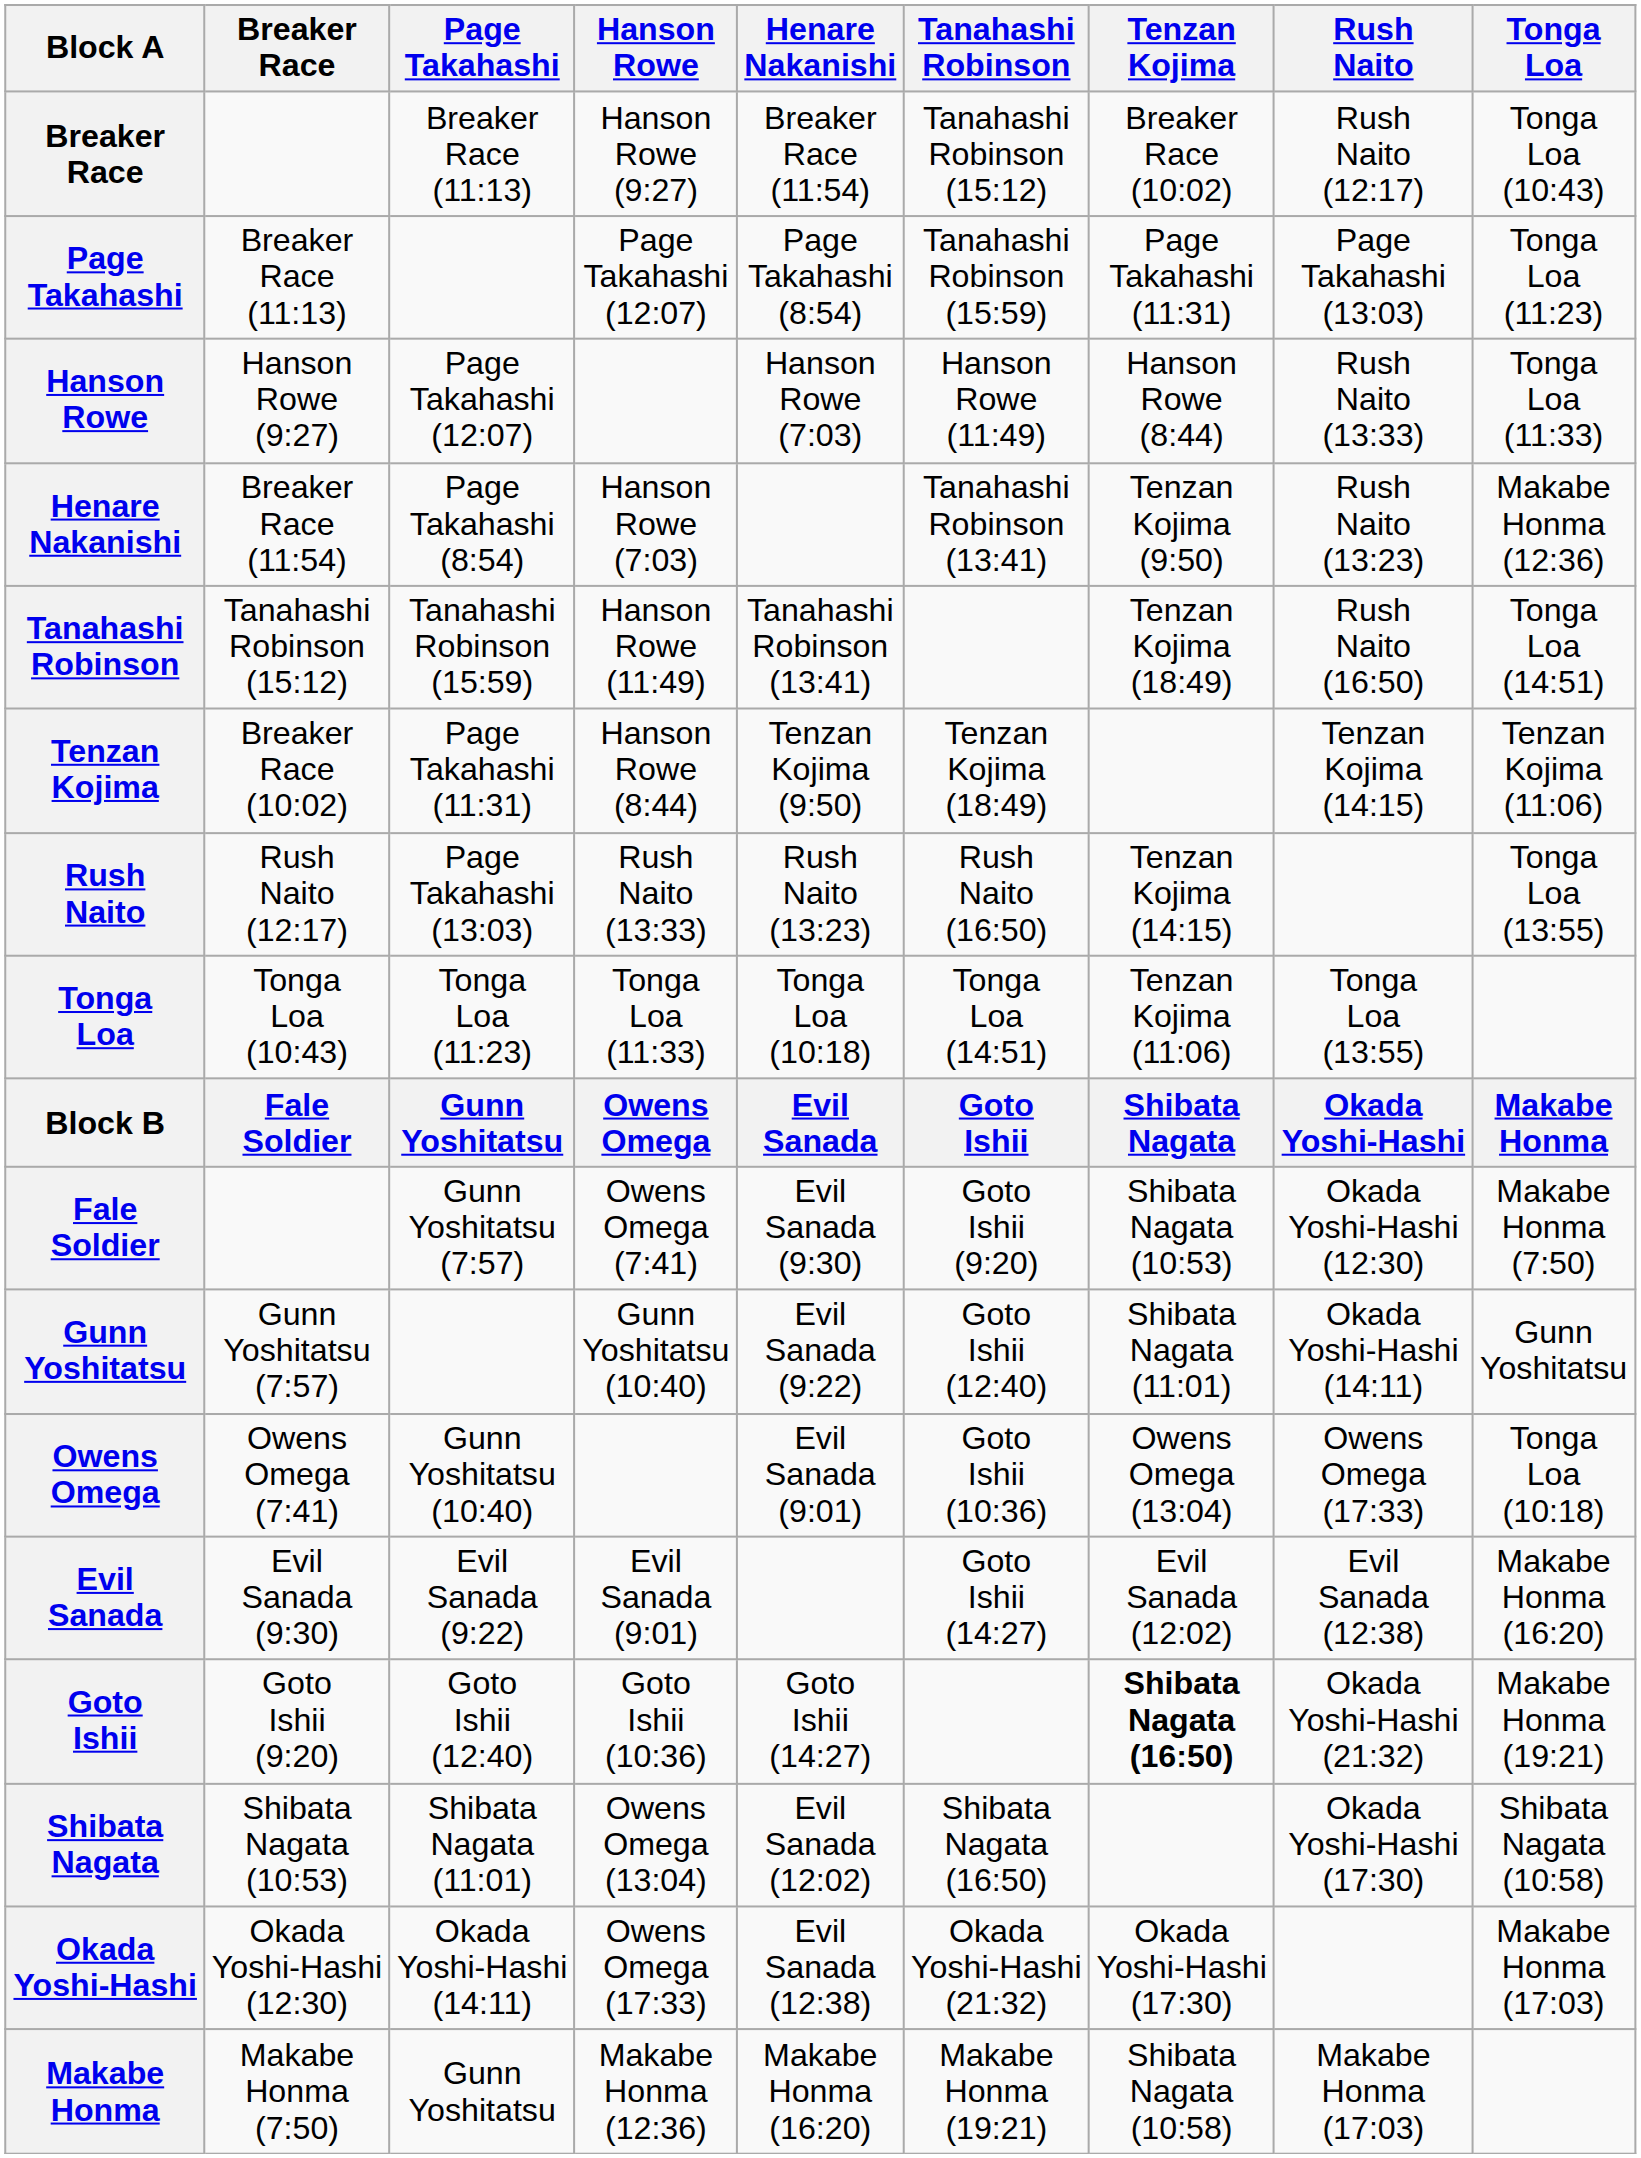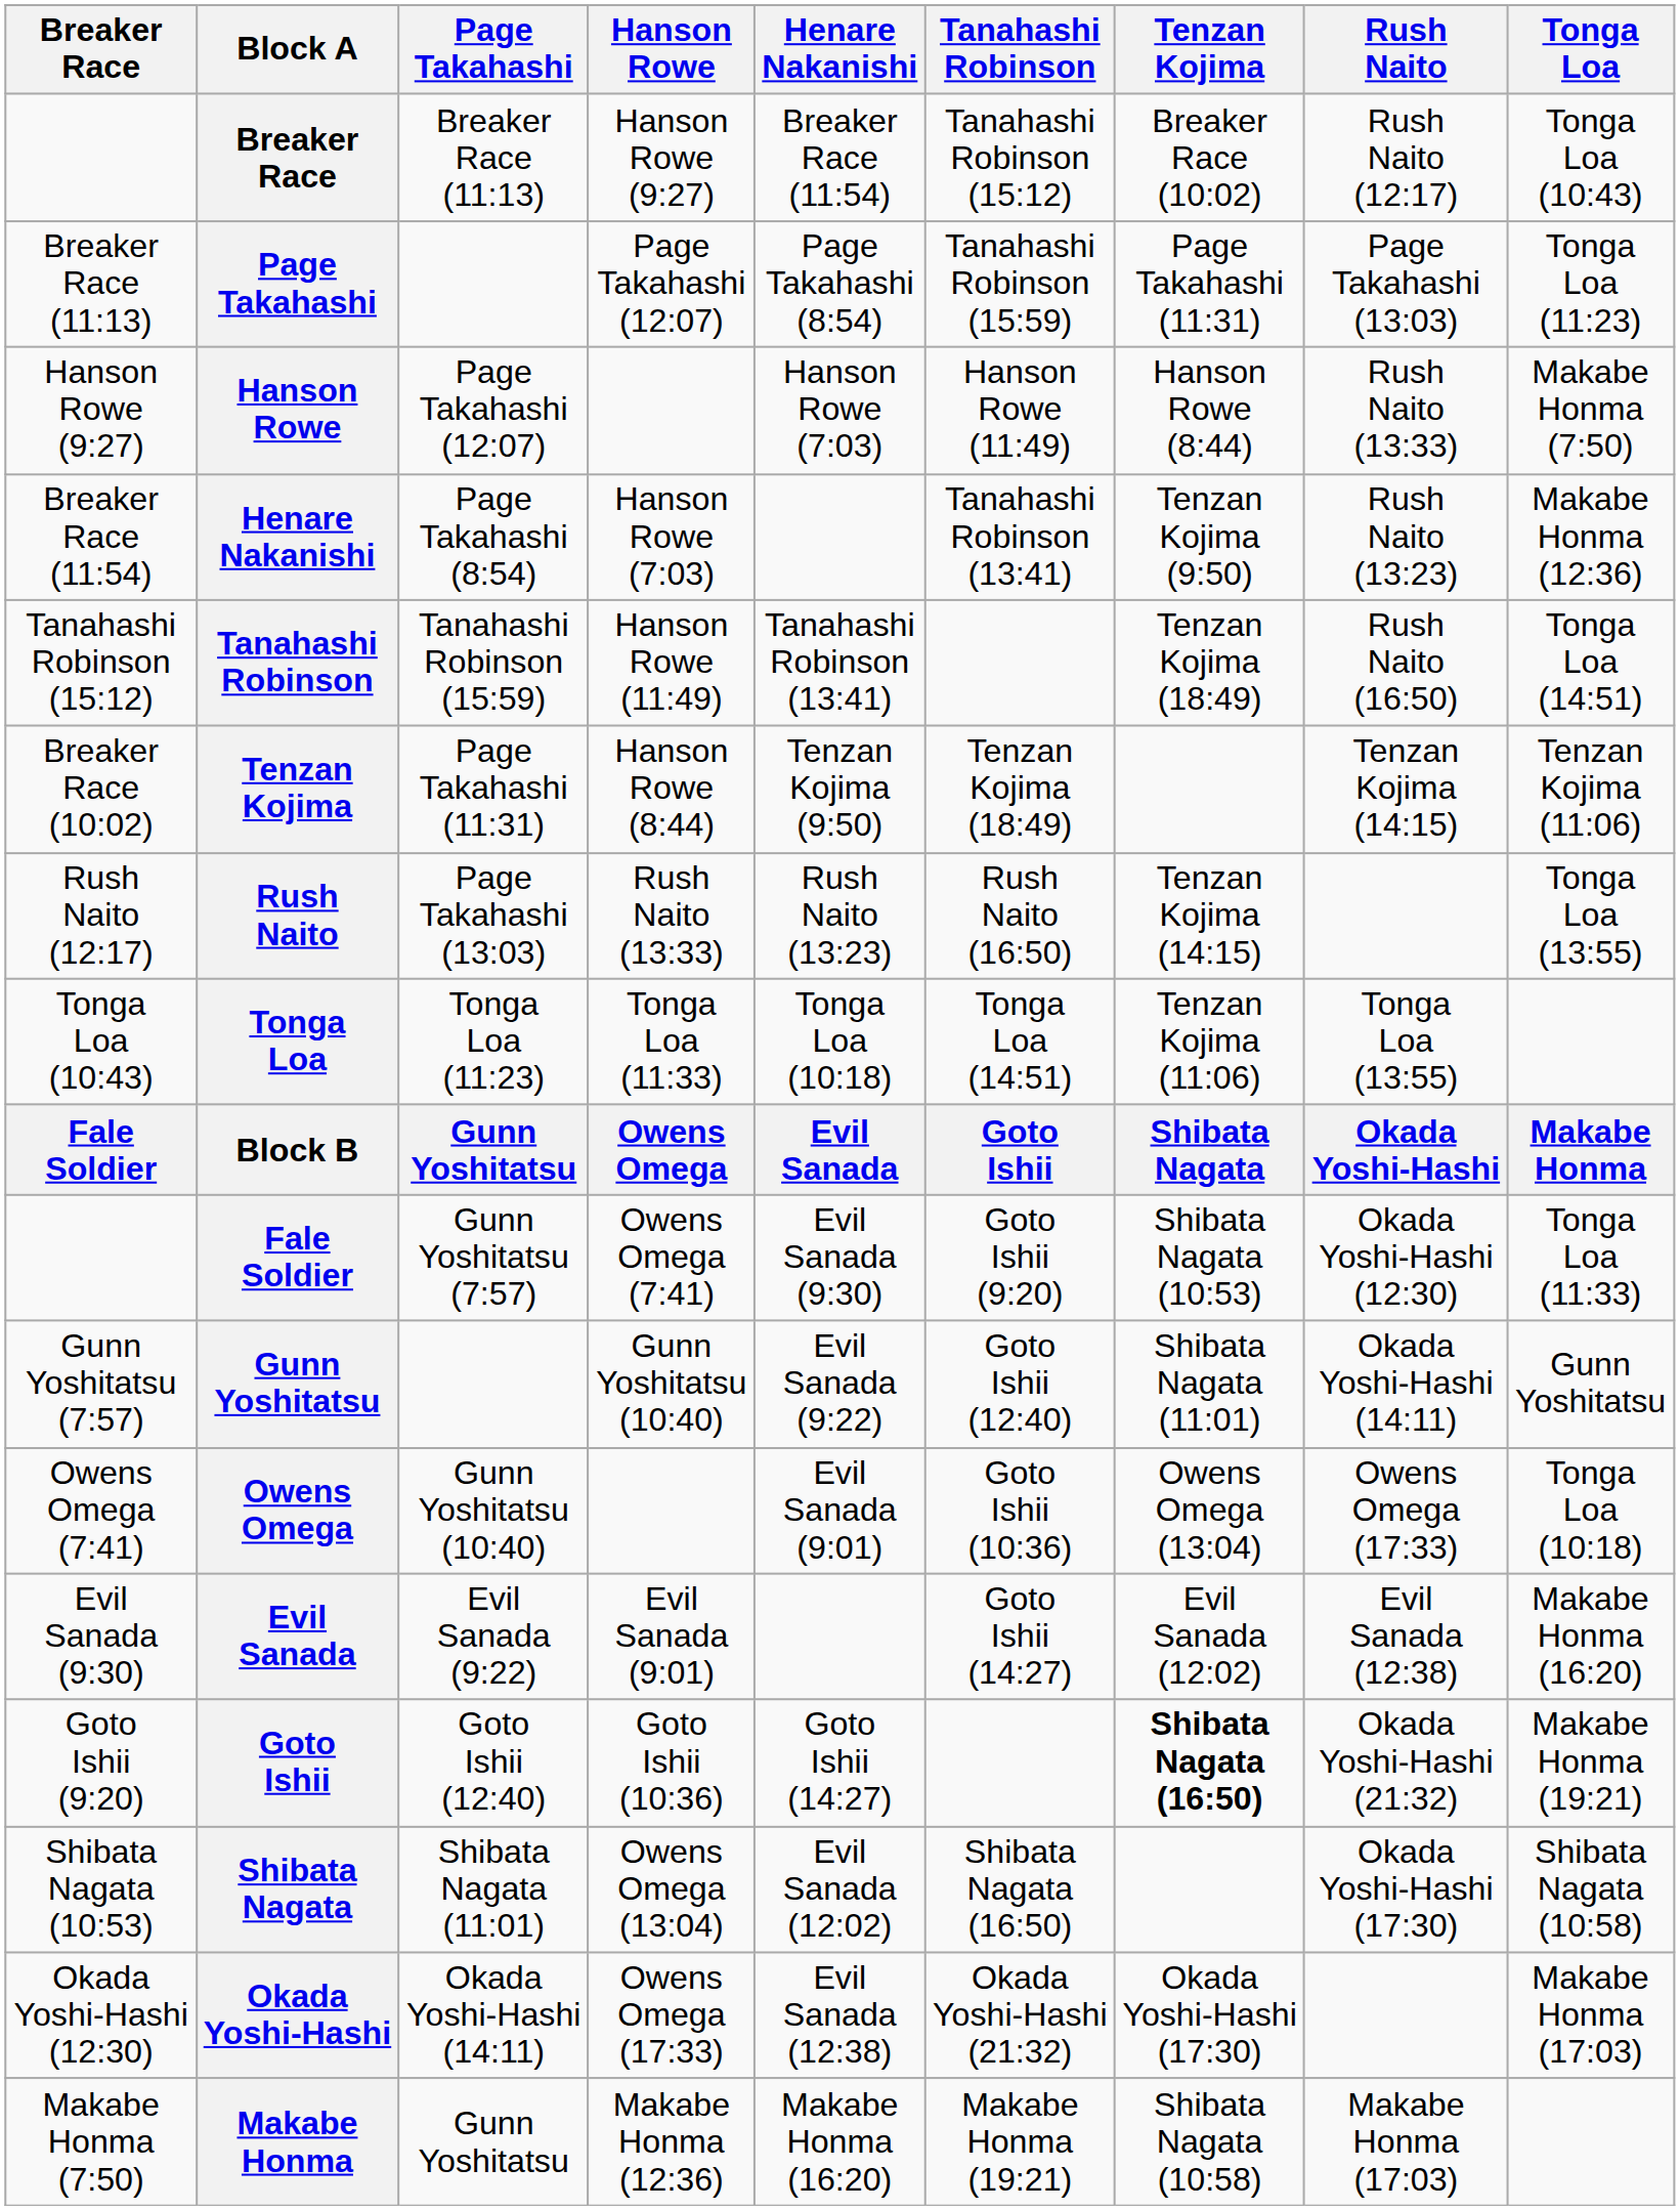 <table class="wikitable" style="text-align:center; margin: 1em auto 1em auto">
 <tr align="center">
+<th>Breaker<br>Race</th>
 <th>Block A</th>
-<th>Breaker<br>Race</th>
 <th><a href='#'>Page</a><br><a href='#'>Takahashi</a></th>
 <th><a href='#'>Hanson</a><br><a href='#'>Rowe</a></th>
 <th><a href='#'>Henare</a><br><a href='#'>Nakanishi</a></th>
 <th><a href='#'>Tanahashi</a><br><a href='#'>Robinson</a></th>
 <th><a href='#'>Tenzan</a><br><a href='#'>Kojima</a></th>
 <th><a href='#'>Rush</a><br><a href='#'>Naito</a></th>
 <th><a href='#'>Tonga</a><br><a href='#'>Loa</a></th>
 </tr>
 <tr align="center">
+<td></td>
 <th>Breaker<br>Race</th>
-<td></td>
 <td>Breaker<br>Race<br>(11:13)</td>
 <td>Hanson<br>Rowe<br>(9:27)</td>
 <td>Breaker<br>Race<br>(11:54)</td>
 <td>Tanahashi<br>Robinson<br>(15:12)</td>
 <td>Breaker<br>Race<br>(10:02)</td>
 <td>Rush<br>Naito<br>(12:17)</td>
 <td>Tonga<br>Loa<br>(10:43)</td>
 </tr>
 <tr align="center">
+<td>Breaker<br>Race<br>(11:13)</td>
 <th><a href='#'>Page</a><br><a href='#'>Takahashi</a></th>
-<td>Breaker<br>Race<br>(11:13)</td>
 <td></td>
 <td>Page<br>Takahashi<br>(12:07)</td>
 <td>Page<br>Takahashi<br>(8:54)</td>
 <td>Tanahashi<br>Robinson<br>(15:59)</td>
 <td>Page<br>Takahashi<br>(11:31)</td>
 <td>Page<br>Takahashi<br>(13:03)</td>
 <td>Tonga<br>Loa<br>(11:23)</td>
 </tr>
 <tr align="center">
+<td>Hanson<br>Rowe<br>(9:27)</td>
 <th><a href='#'>Hanson</a><br><a href='#'>Rowe</a></th>
-<td>Hanson<br>Rowe<br>(9:27)</td>
 <td>Page<br>Takahashi<br>(12:07)</td>
 <td></td>
 <td>Hanson<br>Rowe<br>(7:03)</td>
 <td>Hanson<br>Rowe<br>(11:49)</td>
 <td>Hanson<br>Rowe<br>(8:44)</td>
 <td>Rush<br>Naito<br>(13:33)</td>
-<td>Tonga<br>Loa<br>(11:33)</td>
+<td>Makabe<br>Honma<br>(7:50)</td>
 </tr>
 <tr align="center">
+<td>Breaker<br>Race<br>(11:54)</td>
 <th><a href='#'>Henare</a><br><a href='#'>Nakanishi</a></th>
-<td>Breaker<br>Race<br>(11:54)</td>
 <td>Page<br>Takahashi<br>(8:54)</td>
 <td>Hanson<br>Rowe<br>(7:03)</td>
 <td></td>
 <td>Tanahashi<br>Robinson<br>(13:41)</td>
 <td>Tenzan<br>Kojima<br>(9:50)</td>
 <td>Rush<br>Naito<br>(13:23)</td>
 <td>Makabe<br>Honma<br>(12:36)</td>
 </tr>
 <tr align="center">
+<td>Tanahashi<br>Robinson<br>(15:12)</td>
 <th><a href='#'>Tanahashi</a><br><a href='#'>Robinson</a></th>
-<td>Tanahashi<br>Robinson<br>(15:12)</td>
 <td>Tanahashi<br>Robinson<br>(15:59)</td>
 <td>Hanson<br>Rowe<br>(11:49)</td>
 <td>Tanahashi<br>Robinson<br>(13:41)</td>
 <td></td>
 <td>Tenzan<br>Kojima<br>(18:49)</td>
 <td>Rush<br>Naito<br>(16:50)</td>
 <td>Tonga<br>Loa<br>(14:51)</td>
 </tr>
 <tr align="center">
+<td>Breaker<br>Race<br>(10:02)</td>
 <th><a href='#'>Tenzan</a><br><a href='#'>Kojima</a></th>
-<td>Breaker<br>Race<br>(10:02)</td>
 <td>Page<br>Takahashi<br>(11:31)</td>
 <td>Hanson<br>Rowe<br>(8:44)</td>
 <td>Tenzan<br>Kojima<br>(9:50)</td>
 <td>Tenzan<br>Kojima<br>(18:49)</td>
 <td></td>
 <td>Tenzan<br>Kojima<br>(14:15)</td>
 <td>Tenzan<br>Kojima<br>(11:06)</td>
 </tr>
 <tr align="center">
+<td>Rush<br>Naito<br>(12:17)</td>
 <th><a href='#'>Rush</a><br><a href='#'>Naito</a></th>
-<td>Rush<br>Naito<br>(12:17)</td>
 <td>Page<br>Takahashi<br>(13:03)</td>
 <td>Rush<br>Naito<br>(13:33)</td>
 <td>Rush<br>Naito<br>(13:23)</td>
 <td>Rush<br>Naito<br>(16:50)</td>
 <td>Tenzan<br>Kojima<br>(14:15)</td>
 <td></td>
 <td>Tonga<br>Loa<br>(13:55)</td>
 </tr>
 <tr align="center">
+<td>Tonga<br>Loa<br>(10:43)</td>
 <th><a href='#'>Tonga</a><br><a href='#'>Loa</a></th>
-<td>Tonga<br>Loa<br>(10:43)</td>
 <td>Tonga<br>Loa<br>(11:23)</td>
 <td>Tonga<br>Loa<br>(11:33)</td>
 <td>Tonga<br>Loa<br>(10:18)</td>
 <td>Tonga<br>Loa<br>(14:51)</td>
 <td>Tenzan<br>Kojima<br>(11:06)</td>
 <td>Tonga<br>Loa<br>(13:55)</td>
 <td></td>
 </tr>
 <tr align="center">
+<th><a href='#'>Fale</a><br><a href='#'>Soldier</a></th>
 <th>Block B</th>
-<th><a href='#'>Fale</a><br><a href='#'>Soldier</a></th>
 <th><a href='#'>Gunn</a><br><a href='#'>Yoshitatsu</a></th>
 <th><a href='#'>Owens</a><br><a href='#'>Omega</a></th>
 <th><a href='#'>Evil</a><br><a href='#'>Sanada</a></th>
 <th><a href='#'>Goto</a><br><a href='#'>Ishii</a></th>
 <th><a href='#'>Shibata</a><br><a href='#'>Nagata</a></th>
 <th><a href='#'>Okada</a><br><a href='#'>Yoshi-Hashi</a></th>
 <th><a href='#'>Makabe</a><br><a href='#'>Honma</a></th>
 </tr>
 <tr align="center">
+<td></td>
 <th><a href='#'>Fale</a><br><a href='#'>Soldier</a></th>
-<td></td>
 <td>Gunn<br>Yoshitatsu<br>(7:57)</td>
 <td>Owens<br>Omega<br>(7:41)</td>
 <td>Evil<br>Sanada<br>(9:30)</td>
 <td>Goto<br>Ishii<br>(9:20)</td>
 <td>Shibata<br>Nagata<br>(10:53)</td>
 <td>Okada<br>Yoshi-Hashi<br>(12:30)</td>
-<td>Makabe<br>Honma<br>(7:50)</td>
+<td>Tonga<br>Loa<br>(11:33)</td>
 </tr>
 <tr align="center">
+<td>Gunn<br>Yoshitatsu<br>(7:57)</td>
 <th><a href='#'>Gunn</a><br><a href='#'>Yoshitatsu</a></th>
-<td>Gunn<br>Yoshitatsu<br>(7:57)</td>
 <td></td>
 <td>Gunn<br>Yoshitatsu<br>(10:40)</td>
 <td>Evil<br>Sanada<br>(9:22)</td>
 <td>Goto<br>Ishii<br>(12:40)</td>
 <td>Shibata<br>Nagata<br>(11:01)</td>
 <td>Okada<br>Yoshi-Hashi<br>(14:11)</td>
 <td>Gunn<br>Yoshitatsu</td>
 </tr>
 <tr align="center">
+<td>Owens<br>Omega<br>(7:41)</td>
 <th><a href='#'>Owens</a><br><a href='#'>Omega</a></th>
-<td>Owens<br>Omega<br>(7:41)</td>
 <td>Gunn<br>Yoshitatsu<br>(10:40)</td>
 <td></td>
 <td>Evil<br>Sanada<br>(9:01)</td>
 <td>Goto<br>Ishii<br>(10:36)</td>
 <td>Owens<br>Omega<br>(13:04)</td>
 <td>Owens<br>Omega<br>(17:33)</td>
 <td>Tonga<br>Loa<br>(10:18)</td>
 </tr>
 <tr align="center">
+<td>Evil<br>Sanada<br>(9:30)</td>
 <th><a href='#'>Evil</a><br><a href='#'>Sanada</a></th>
-<td>Evil<br>Sanada<br>(9:30)</td>
 <td>Evil<br>Sanada<br>(9:22)</td>
 <td>Evil<br>Sanada<br>(9:01)</td>
 <td></td>
 <td>Goto<br>Ishii<br>(14:27)</td>
 <td>Evil<br>Sanada<br>(12:02)</td>
 <td>Evil<br>Sanada<br>(12:38)</td>
 <td>Makabe<br>Honma<br>(16:20)</td>
 </tr>
 <tr align="center">
+<td>Goto<br>Ishii<br>(9:20)</td>
 <th><a href='#'>Goto</a><br><a href='#'>Ishii</a></th>
-<td>Goto<br>Ishii<br>(9:20)</td>
 <td>Goto<br>Ishii<br>(12:40)</td>
 <td>Goto<br>Ishii<br>(10:36)</td>
 <td>Goto<br>Ishii<br>(14:27)</td>
 <td></td>
 <td><strong>Shibata<br>Nagata<br>(16:50)</strong></td>
 <td>Okada<br>Yoshi-Hashi<br>(21:32)</td>
 <td>Makabe<br>Honma<br>(19:21)</td>
 </tr>
 <tr align="center">
+<td>Shibata<br>Nagata<br>(10:53)</td>
 <th><a href='#'>Shibata</a><br><a href='#'>Nagata</a></th>
-<td>Shibata<br>Nagata<br>(10:53)</td>
 <td>Shibata<br>Nagata<br>(11:01)</td>
 <td>Owens<br>Omega<br>(13:04)</td>
 <td>Evil<br>Sanada<br>(12:02)</td>
 <td>Shibata<br>Nagata<br>(16:50)</td>
 <td></td>
 <td>Okada<br>Yoshi-Hashi<br>(17:30)</td>
 <td>Shibata<br>Nagata<br>(10:58)</td>
 </tr>
 <tr align="center">
+<td>Okada<br>Yoshi-Hashi<br>(12:30)</td>
 <th><a href='#'>Okada</a><br><a href='#'>Yoshi-Hashi</a></th>
-<td>Okada<br>Yoshi-Hashi<br>(12:30)</td>
 <td>Okada<br>Yoshi-Hashi<br>(14:11)</td>
 <td>Owens<br>Omega<br>(17:33)</td>
 <td>Evil<br>Sanada<br>(12:38)</td>
 <td>Okada<br>Yoshi-Hashi<br>(21:32)</td>
 <td>Okada<br>Yoshi-Hashi<br>(17:30)</td>
 <td></td>
 <td>Makabe<br>Honma<br>(17:03)</td>
 </tr>
 <tr align="center">
+<td>Makabe<br>Honma<br>(7:50)</td>
 <th><a href='#'>Makabe</a><br><a href='#'>Honma</a></th>
-<td>Makabe<br>Honma<br>(7:50)</td>
 <td>Gunn<br>Yoshitatsu</td>
 <td>Makabe<br>Honma<br>(12:36)</td>
 <td>Makabe<br>Honma<br>(16:20)</td>
 <td>Makabe<br>Honma<br>(19:21)</td>
 <td>Shibata<br>Nagata<br>(10:58)</td>
 <td>Makabe<br>Honma<br>(17:03)</td>
 <td></td>
 </tr>
 </table>
